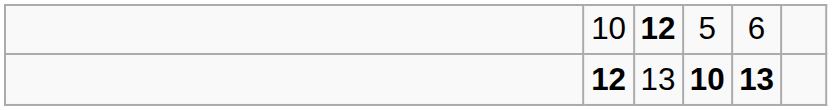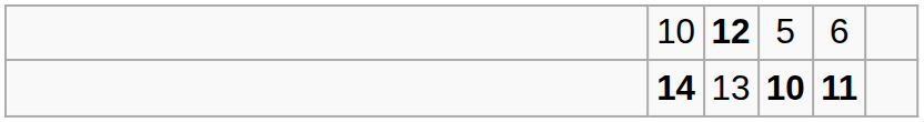 <table class="wikitable">
 <tr>
 <td style="width:18em"></td>
 <td align=center style="width:1em">10</td>
 <td align=center style="width:1em"><strong>12</strong></td>
 <td align=center style="width:1em">5</td>
 <td align=center style="width:1em">6</td>
 <td align=center style="width:1em"></td>
 </tr>
 <tr>
 <td style="width:18em"></td>
-<td align=center style="width:1em"><strong>12</strong></td>
+<td align=center style="width:1em"><strong>14</strong></td>
 <td align=center style="width:1em">13</td>
 <td align=center style="width:1em"><strong>10</strong></td>
-<td align=center style="width:1em"><strong>13</strong></td>
+<td align=center style="width:1em"><strong>11</strong></td>
 <td align=center style="width:1em"></td>
 </tr>
 </table>
